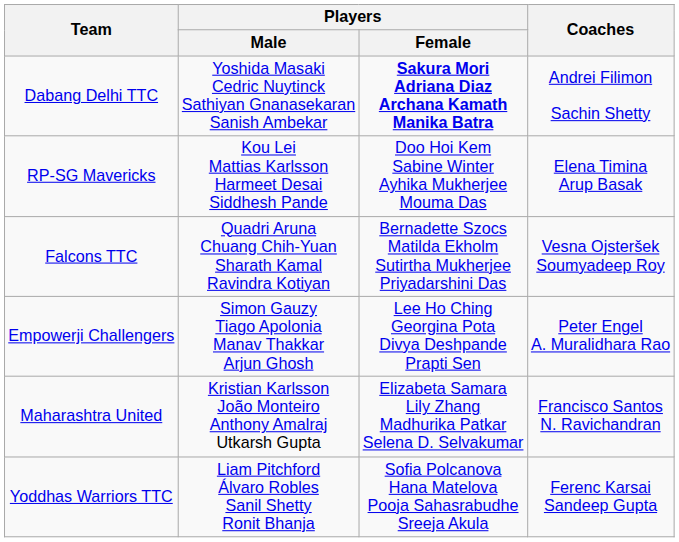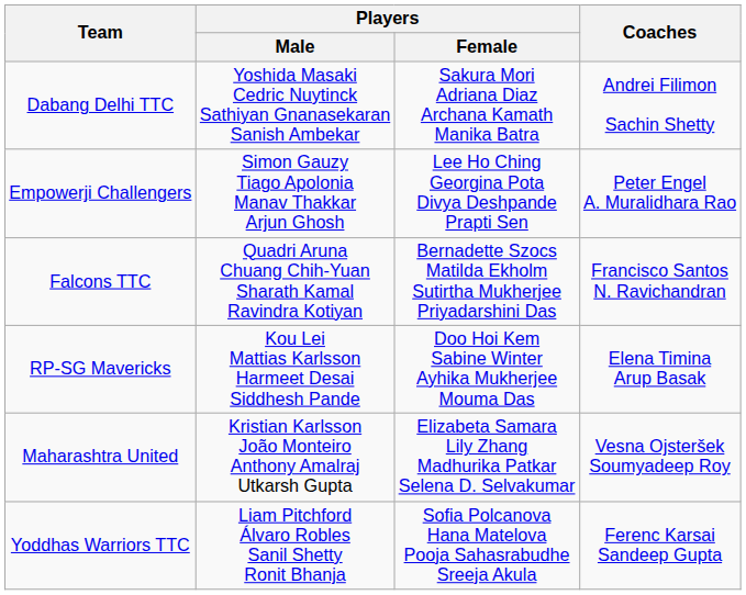 <table class="wikitable sortable" style="text-align:center;">
 <tr>
 <th rowspan=2>Team</th>
 <th colspan=2>Players</th>
 <th rowspan=2>Coaches</th>
 </tr>
 <tr>
 <th>Male</th>
 <th>Female</th>
 </tr>
 <tr>
 <td><a href='#'>Dabang Delhi TTC</a></td>
 <td> <a href='#'>Yoshida Masaki</a> <br>  <a href='#'>Cedric Nuytinck</a> <br> <a href='#'>Sathiyan Gnanasekaran</a> <br> <a href='#'>Sanish Ambekar</a></td>
-<td><strong> <a href='#'>Sakura Mori</a> <br> <a href='#'>Adriana Diaz</a> <br> <a href='#'>Archana Kamath</a> <br> <a href='#'>Manika Batra</a></strong></td>
+<td> <a href='#'>Sakura Mori</a> <br> <a href='#'>Adriana Diaz</a> <br> <a href='#'>Archana Kamath</a> <br> <a href='#'>Manika Batra</a></td>
 <td> <a href='#'>Andrei Filimon</a><br><br>  <a href='#'>Sachin Shetty</a></td>
+</tr>
+<tr>
+<td><a href='#'>Empowerji Challengers</a></td>
+<td> <a href='#'>Simon Gauzy</a> <br> <a href='#'>Tiago Apolonia</a> <br>  <a href='#'>Manav Thakkar</a> <br> <a href='#'>Arjun Ghosh</a></td>
+<td> <a href='#'>Lee Ho Ching</a> <br> <a href='#'>Georgina Pota</a> <br> <a href='#'>Divya Deshpande</a> <br>  <a href='#'>Prapti Sen</a></td>
+<td> <a href='#'>Peter Engel</a> <br>  <a href='#'>A. Muralidhara Rao</a></td>
+</tr>
+<tr>
+<td><a href='#'>Falcons TTC</a></td>
+<td> <a href='#'>Quadri Aruna</a> <br> <a href='#'>Chuang Chih-Yuan</a> <br>  <a href='#'>Sharath Kamal</a> <br> <a href='#'>Ravindra Kotiyan</a></td>
+<td> <a href='#'>Bernadette Szocs</a> <br>  <a href='#'>Matilda Ekholm</a> <br> <a href='#'>Sutirtha Mukherjee</a> <br>  <a href='#'>Priyadarshini Das</a></td>
+<td> <a href='#'>Francisco Santos</a> <br> <a href='#'>N. Ravichandran</a></td>
 </tr>
 <tr>
 <td><a href='#'>RP-SG Mavericks</a></td>
 <td> <a href='#'>Kou Lei</a> <br> <a href='#'>Mattias Karlsson</a> <br> <a href='#'>Harmeet Desai</a> <br> <a href='#'>Siddhesh Pande</a></td>
 <td> <a href='#'>Doo Hoi Kem</a> <br> <a href='#'>Sabine Winter</a> <br> <a href='#'>Ayhika Mukherjee</a> <br> <a href='#'>Mouma Das</a></td>
 <td> <a href='#'>Elena Timina</a> <br> <a href='#'>Arup Basak</a></td>
 </tr>
 <tr>
-<td><a href='#'>Falcons TTC</a></td>
-<td> <a href='#'>Quadri Aruna</a> <br> <a href='#'>Chuang Chih-Yuan</a> <br>  <a href='#'>Sharath Kamal</a> <br> <a href='#'>Ravindra Kotiyan</a></td>
-<td> <a href='#'>Bernadette Szocs</a> <br>  <a href='#'>Matilda Ekholm</a> <br> <a href='#'>Sutirtha Mukherjee</a> <br>  <a href='#'>Priyadarshini Das</a></td>
-<td> <a href='#'>Vesna Ojsteršek</a> <br>  <a href='#'>Soumyadeep Roy</a></td>
-</tr>
-<tr>
-<td><a href='#'>Empowerji Challengers</a></td>
-<td> <a href='#'>Simon Gauzy</a> <br> <a href='#'>Tiago Apolonia</a> <br>  <a href='#'>Manav Thakkar</a> <br> <a href='#'>Arjun Ghosh</a></td>
-<td> <a href='#'>Lee Ho Ching</a> <br> <a href='#'>Georgina Pota</a> <br> <a href='#'>Divya Deshpande</a> <br>  <a href='#'>Prapti Sen</a></td>
-<td> <a href='#'>Peter Engel</a> <br>  <a href='#'>A. Muralidhara Rao</a></td>
-</tr>
-<tr>
 <td><a href='#'>Maharashtra United</a></td>
 <td> <a href='#'>Kristian Karlsson</a> <br>  <a href='#'>João Monteiro</a> <br> <a href='#'>Anthony Amalraj</a> <br>  Utkarsh Gupta</td>
 <td> <a href='#'>Elizabeta Samara</a> <br> <a href='#'>Lily Zhang</a> <br> <a href='#'>Madhurika Patkar</a> <br>  <a href='#'>Selena D. Selvakumar</a></td>
-<td> <a href='#'>Francisco Santos</a> <br> <a href='#'>N. Ravichandran</a></td>
+<td> <a href='#'>Vesna Ojsteršek</a> <br>  <a href='#'>Soumyadeep Roy</a></td>
 </tr>
 <tr>
 <td><a href='#'>Yoddhas Warriors TTC</a></td>
 <td> <a href='#'>Liam Pitchford</a> <br> <a href='#'>Álvaro Robles</a> <br> <a href='#'>Sanil Shetty</a> <br> <a href='#'>Ronit Bhanja</a></td>
 <td> <a href='#'>Sofia Polcanova</a> <br>  <a href='#'>Hana Matelova</a> <br> <a href='#'>Pooja Sahasrabudhe</a> <br><a href='#'>Sreeja Akula</a></td>
 <td> <a href='#'>Ferenc Karsai</a> <br> <a href='#'>Sandeep Gupta</a></td>
 </tr>
 </table>
